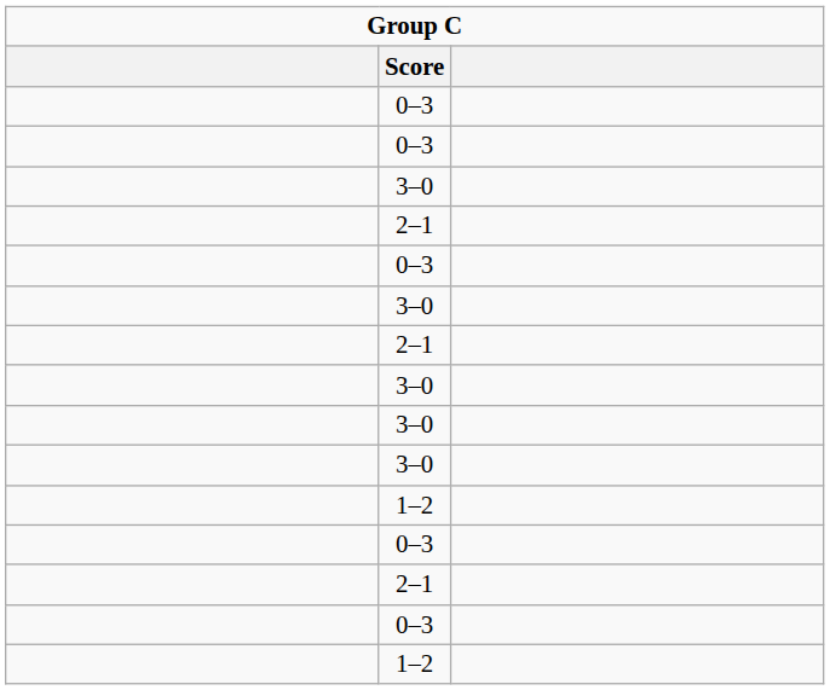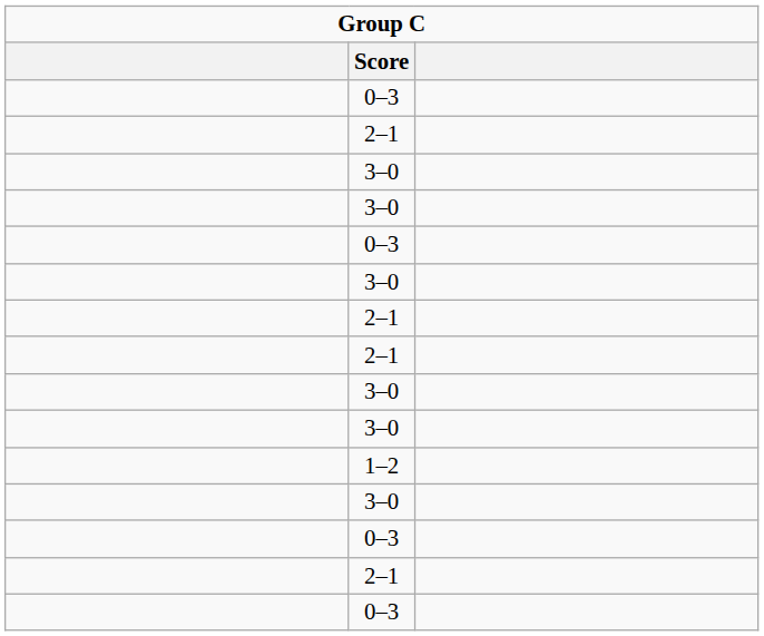 <table class="wikitable" style="text-align: center; display: inline-table;">
 <tr>
 <td colspan="3"><strong>Group C</strong></td>
 </tr>
 <tr>
 <th scope="col" style="width: 230px;"></th>
 <th scope="col" style="width: 30px;">Score</th>
 <th scope="col" style="width: 230px;"></th>
 </tr>
 <tr>
 <td></td>
 <td>0–3</td>
+<td></td>
+</tr>
+<tr>
+<td></td>
+<td>2–1</td>
+<td></td>
+</tr>
+<tr>
+<td></td>
+<td>3–0</td>
+<td></td>
+</tr>
+<tr>
+<td></td>
+<td>3–0</td>
 <td></td>
 </tr>
 <tr>
 <td></td>
 <td>0–3</td>
 <td></td>
 </tr>
 <tr>
 <td></td>
 <td>3–0</td>
 <td></td>
 </tr>
 <tr>
 <td></td>
 <td>2–1</td>
 <td></td>
 </tr>
 <tr>
 <td></td>
-<td>0–3</td>
-<td></td>
-</tr>
-<tr>
-<td></td>
-<td>3–0</td>
-<td></td>
-</tr>
-<tr>
-<td></td>
 <td>2–1</td>
-<td></td>
-</tr>
-<tr>
-<td></td>
-<td>3–0</td>
 <td></td>
 </tr>
 <tr>
 <td></td>
 <td>3–0</td>
 <td></td>
 </tr>
 <tr>
 <td></td>
 <td>3–0</td>
 <td></td>
 </tr>
 <tr>
 <td></td>
 <td>1–2</td>
 <td></td>
 </tr>
 <tr>
 <td></td>
+<td>3–0</td>
+<td></td>
+</tr>
+<tr>
+<td></td>
 <td>0–3</td>
 <td></td>
 </tr>
 <tr>
 <td></td>
 <td>2–1</td>
 <td></td>
 </tr>
 <tr>
 <td></td>
 <td>0–3</td>
 <td></td>
 </tr>
-<tr>
-<td></td>
-<td>1–2</td>
-<td></td>
-</tr>
 </table>
